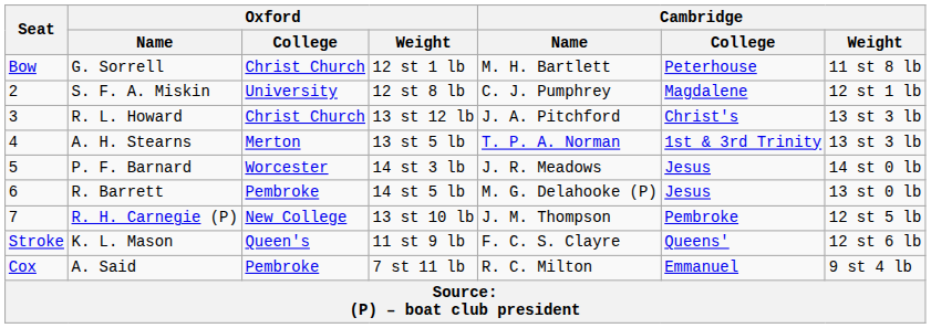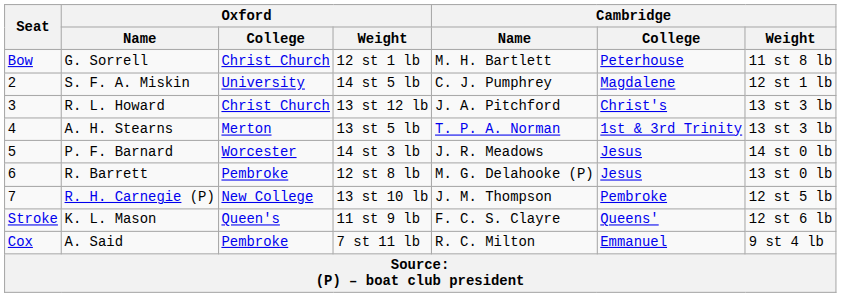 <table class="wikitable">
 <tr>
 <th rowspan="2" scope="col">Seat</th>
 <th colspan="3" scope="col">Oxford <br> </th>
 <th colspan="3" scope="col">Cambridge <br> </th>
 </tr>
 <tr>
 <th>Name</th>
 <th>College</th>
 <th>Weight</th>
 <th>Name</th>
 <th>College</th>
 <th>Weight</th>
 </tr>
 <tr>
 <td><a href='#'>Bow</a></td>
 <td>G. Sorrell</td>
 <td><a href='#'>Christ Church</a></td>
 <td>12 st 1 lb</td>
 <td>M. H. Bartlett</td>
 <td><a href='#'>Peterhouse</a></td>
 <td>11 st 8 lb</td>
 </tr>
 <tr>
 <td>2</td>
 <td>S. F. A. Miskin</td>
 <td><a href='#'>University</a></td>
-<td>12 st 8 lb</td>
+<td>14 st 5 lb</td>
 <td>C. J. Pumphrey</td>
 <td><a href='#'>Magdalene</a></td>
 <td>12 st 1 lb</td>
 </tr>
 <tr>
 <td>3</td>
 <td>R. L. Howard</td>
 <td><a href='#'>Christ Church</a></td>
 <td>13 st 12 lb</td>
 <td>J. A. Pitchford</td>
 <td><a href='#'>Christ's</a></td>
 <td>13 st 3 lb</td>
 </tr>
 <tr>
 <td>4</td>
 <td>A. H. Stearns</td>
 <td><a href='#'>Merton</a></td>
 <td>13 st 5 lb</td>
 <td><a href='#'>T. P. A. Norman</a></td>
 <td><a href='#'>1st & 3rd Trinity</a></td>
 <td>13 st 3 lb</td>
 </tr>
 <tr>
 <td>5</td>
 <td>P. F. Barnard</td>
 <td><a href='#'>Worcester</a></td>
 <td>14 st 3 lb</td>
 <td>J. R. Meadows</td>
 <td><a href='#'>Jesus</a></td>
 <td>14 st 0 lb</td>
 </tr>
 <tr>
 <td>6</td>
 <td>R. Barrett</td>
 <td><a href='#'>Pembroke</a></td>
-<td>14 st 5 lb</td>
+<td>12 st 8 lb</td>
 <td>M. G. Delahooke (P)</td>
 <td><a href='#'>Jesus</a></td>
 <td>13 st 0 lb</td>
 </tr>
 <tr>
 <td>7</td>
 <td><a href='#'>R. H. Carnegie</a> (P)</td>
 <td><a href='#'>New College</a></td>
 <td>13 st 10 lb</td>
 <td>J. M. Thompson</td>
 <td><a href='#'>Pembroke</a></td>
 <td>12 st 5 lb</td>
 </tr>
 <tr>
 <td><a href='#'>Stroke</a></td>
 <td>K. L. Mason</td>
 <td><a href='#'>Queen's</a></td>
 <td>11 st 9 lb</td>
 <td>F. C. S. Clayre</td>
 <td><a href='#'>Queens'</a></td>
 <td>12 st 6 lb</td>
 </tr>
 <tr>
 <td><a href='#'>Cox</a></td>
 <td>A. Said</td>
 <td><a href='#'>Pembroke</a></td>
 <td>7 st 11 lb</td>
 <td>R. C. Milton</td>
 <td><a href='#'>Emmanuel</a></td>
 <td>9 st 4 lb</td>
 </tr>
 <tr>
 <th colspan="7">Source:<br>(P) – boat club president</th>
 </tr>
 </table>
